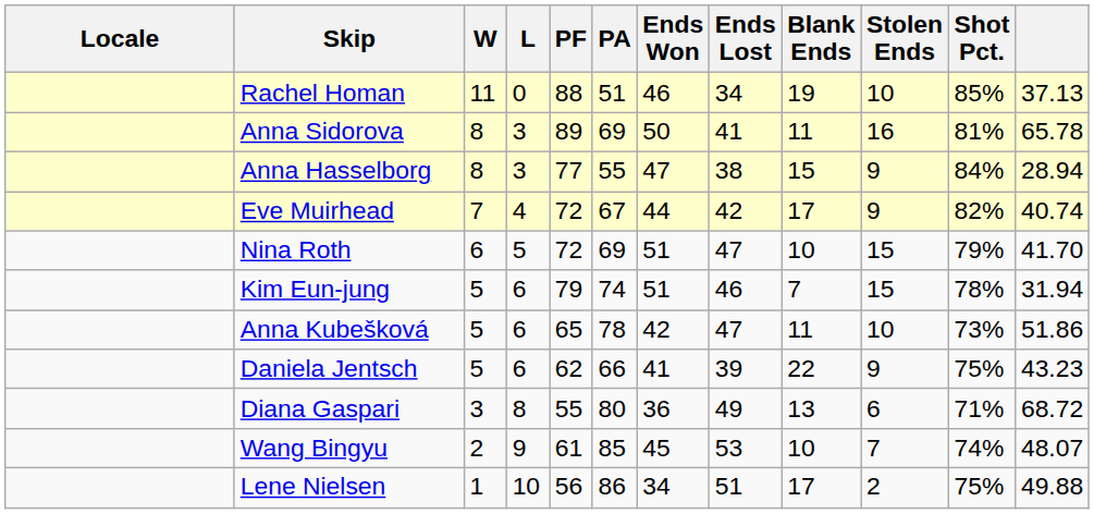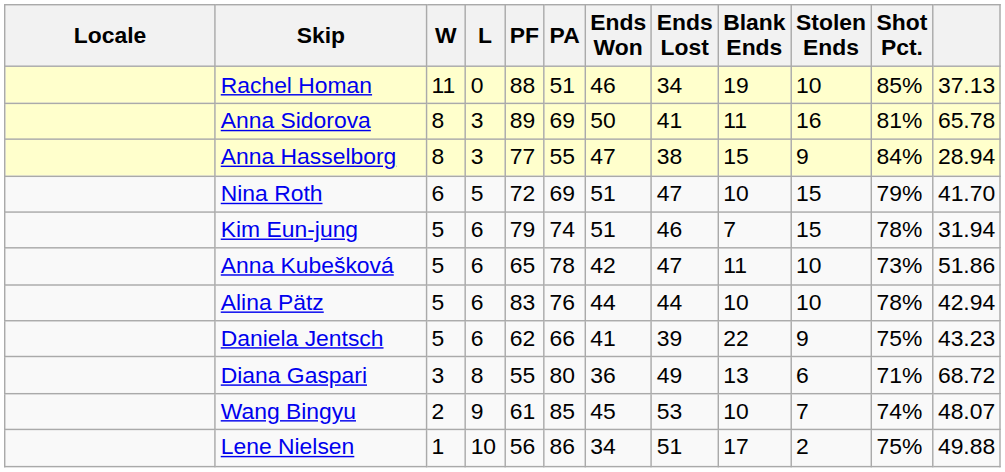 <table class="wikitable">
 <tr>
 <th width="140">Locale</th>
 <th width="140">Skip</th>
 <th width="20">W</th>
 <th width="20">L</th>
 <th width="20">PF</th>
 <th width="20">PA</th>
 <th width="20">Ends <br> Won</th>
 <th width="20">Ends <br> Lost</th>
 <th width="20">Blank <br> Ends</th>
 <th width="20">Stolen <br> Ends</th>
 <th width="20">Shot <br> Pct.</th>
 <th width="20"></th>
 </tr>
 <tr style="background:#ffffcc;">
 <td></td>
 <td><a href='#'>Rachel Homan</a></td>
 <td>11</td>
 <td>0</td>
 <td>88</td>
 <td>51</td>
 <td>46</td>
 <td>34</td>
 <td>19</td>
 <td>10</td>
 <td>85%</td>
 <td>37.13</td>
 </tr>
 <tr style="background:#ffffcc;">
 <td></td>
 <td><a href='#'>Anna Sidorova</a></td>
 <td>8</td>
 <td>3</td>
 <td>89</td>
 <td>69</td>
 <td>50</td>
 <td>41</td>
 <td>11</td>
 <td>16</td>
 <td>81%</td>
 <td>65.78</td>
 </tr>
 <tr style="background:#ffffcc;">
 <td></td>
 <td><a href='#'>Anna Hasselborg</a></td>
 <td>8</td>
 <td>3</td>
 <td>77</td>
 <td>55</td>
 <td>47</td>
 <td>38</td>
 <td>15</td>
 <td>9</td>
 <td>84%</td>
 <td>28.94</td>
 </tr>
-<tr style="background:#ffffcc;">
-<td></td>
-<td><a href='#'>Eve Muirhead</a></td>
-<td>7</td>
-<td>4</td>
-<td>72</td>
-<td>67</td>
-<td>44</td>
-<td>42</td>
-<td>17</td>
-<td>9</td>
-<td>82%</td>
-<td>40.74</td>
-</tr>
 <tr>
 <td></td>
 <td><a href='#'>Nina Roth</a></td>
 <td>6</td>
 <td>5</td>
 <td>72</td>
 <td>69</td>
 <td>51</td>
 <td>47</td>
 <td>10</td>
 <td>15</td>
 <td>79%</td>
 <td>41.70</td>
 </tr>
 <tr>
 <td></td>
 <td><a href='#'>Kim Eun-jung</a></td>
 <td>5</td>
 <td>6</td>
 <td>79</td>
 <td>74</td>
 <td>51</td>
 <td>46</td>
 <td>7</td>
 <td>15</td>
 <td>78%</td>
 <td>31.94</td>
 </tr>
 <tr>
 <td></td>
 <td><a href='#'>Anna Kubešková</a></td>
 <td>5</td>
 <td>6</td>
 <td>65</td>
 <td>78</td>
 <td>42</td>
 <td>47</td>
 <td>11</td>
 <td>10</td>
 <td>73%</td>
 <td>51.86</td>
+</tr>
+<tr>
+<td></td>
+<td><a href='#'>Alina Pätz</a></td>
+<td>5</td>
+<td>6</td>
+<td>83</td>
+<td>76</td>
+<td>44</td>
+<td>44</td>
+<td>10</td>
+<td>10</td>
+<td>78%</td>
+<td>42.94</td>
 </tr>
 <tr>
 <td></td>
 <td><a href='#'>Daniela Jentsch</a></td>
 <td>5</td>
 <td>6</td>
 <td>62</td>
 <td>66</td>
 <td>41</td>
 <td>39</td>
 <td>22</td>
 <td>9</td>
 <td>75%</td>
 <td>43.23</td>
 </tr>
 <tr>
 <td></td>
 <td><a href='#'>Diana Gaspari</a></td>
 <td>3</td>
 <td>8</td>
 <td>55</td>
 <td>80</td>
 <td>36</td>
 <td>49</td>
 <td>13</td>
 <td>6</td>
 <td>71%</td>
 <td>68.72</td>
 </tr>
 <tr>
 <td></td>
 <td><a href='#'>Wang Bingyu</a></td>
 <td>2</td>
 <td>9</td>
 <td>61</td>
 <td>85</td>
 <td>45</td>
 <td>53</td>
 <td>10</td>
 <td>7</td>
 <td>74%</td>
 <td>48.07</td>
 </tr>
 <tr>
 <td></td>
 <td><a href='#'>Lene Nielsen</a></td>
 <td>1</td>
 <td>10</td>
 <td>56</td>
 <td>86</td>
 <td>34</td>
 <td>51</td>
 <td>17</td>
 <td>2</td>
 <td>75%</td>
 <td>49.88</td>
 </tr>
 </table>
